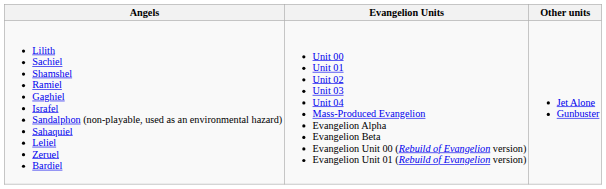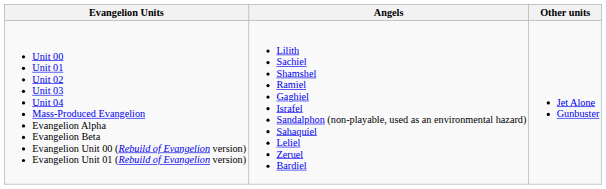 <table class="wikitable">
 <tr>
+<th>Evangelion Units</th>
 <th>Angels</th>
-<th>Evangelion Units</th>
 <th>Other units</th>
 </tr>
 <tr>
+<td><br><ul><li><a href='#'>Unit 00</a></li><li><a href='#'>Unit 01</a></li><li><a href='#'>Unit 02</a></li><li><a href='#'>Unit 03</a></li><li><a href='#'>Unit 04</a></li><li><a href='#'>Mass-Produced Evangelion</a></li><li>Evangelion Alpha</li><li>Evangelion Beta</li><li>Evangelion Unit 00 (<em><a href='#'>Rebuild of Evangelion</a></em> version)</li><li>Evangelion Unit 01 (<em><a href='#'>Rebuild of Evangelion</a></em> version)</li></ul></td>
 <td><br><ul><li><a href='#'>Lilith</a></li><li><a href='#'>Sachiel</a></li><li><a href='#'>Shamshel</a></li><li><a href='#'>Ramiel</a></li><li><a href='#'>Gaghiel</a></li><li><a href='#'>Israfel</a></li><li><a href='#'>Sandalphon</a> (non-playable, used as an environmental hazard)</li><li><a href='#'>Sahaquiel</a></li><li><a href='#'>Leliel</a></li><li><a href='#'>Zeruel</a></li><li><a href='#'>Bardiel</a></li></ul></td>
-<td><br><ul><li><a href='#'>Unit 00</a></li><li><a href='#'>Unit 01</a></li><li><a href='#'>Unit 02</a></li><li><a href='#'>Unit 03</a></li><li><a href='#'>Unit 04</a></li><li><a href='#'>Mass-Produced Evangelion</a></li><li>Evangelion Alpha</li><li>Evangelion Beta</li><li>Evangelion Unit 00 (<em><a href='#'>Rebuild of Evangelion</a></em> version)</li><li>Evangelion Unit 01 (<em><a href='#'>Rebuild of Evangelion</a></em> version)</li></ul></td>
 <td><br><ul><li><a href='#'>Jet Alone</a></li><li><a href='#'>Gunbuster</a></li></ul></td>
 </tr>
 </table>
